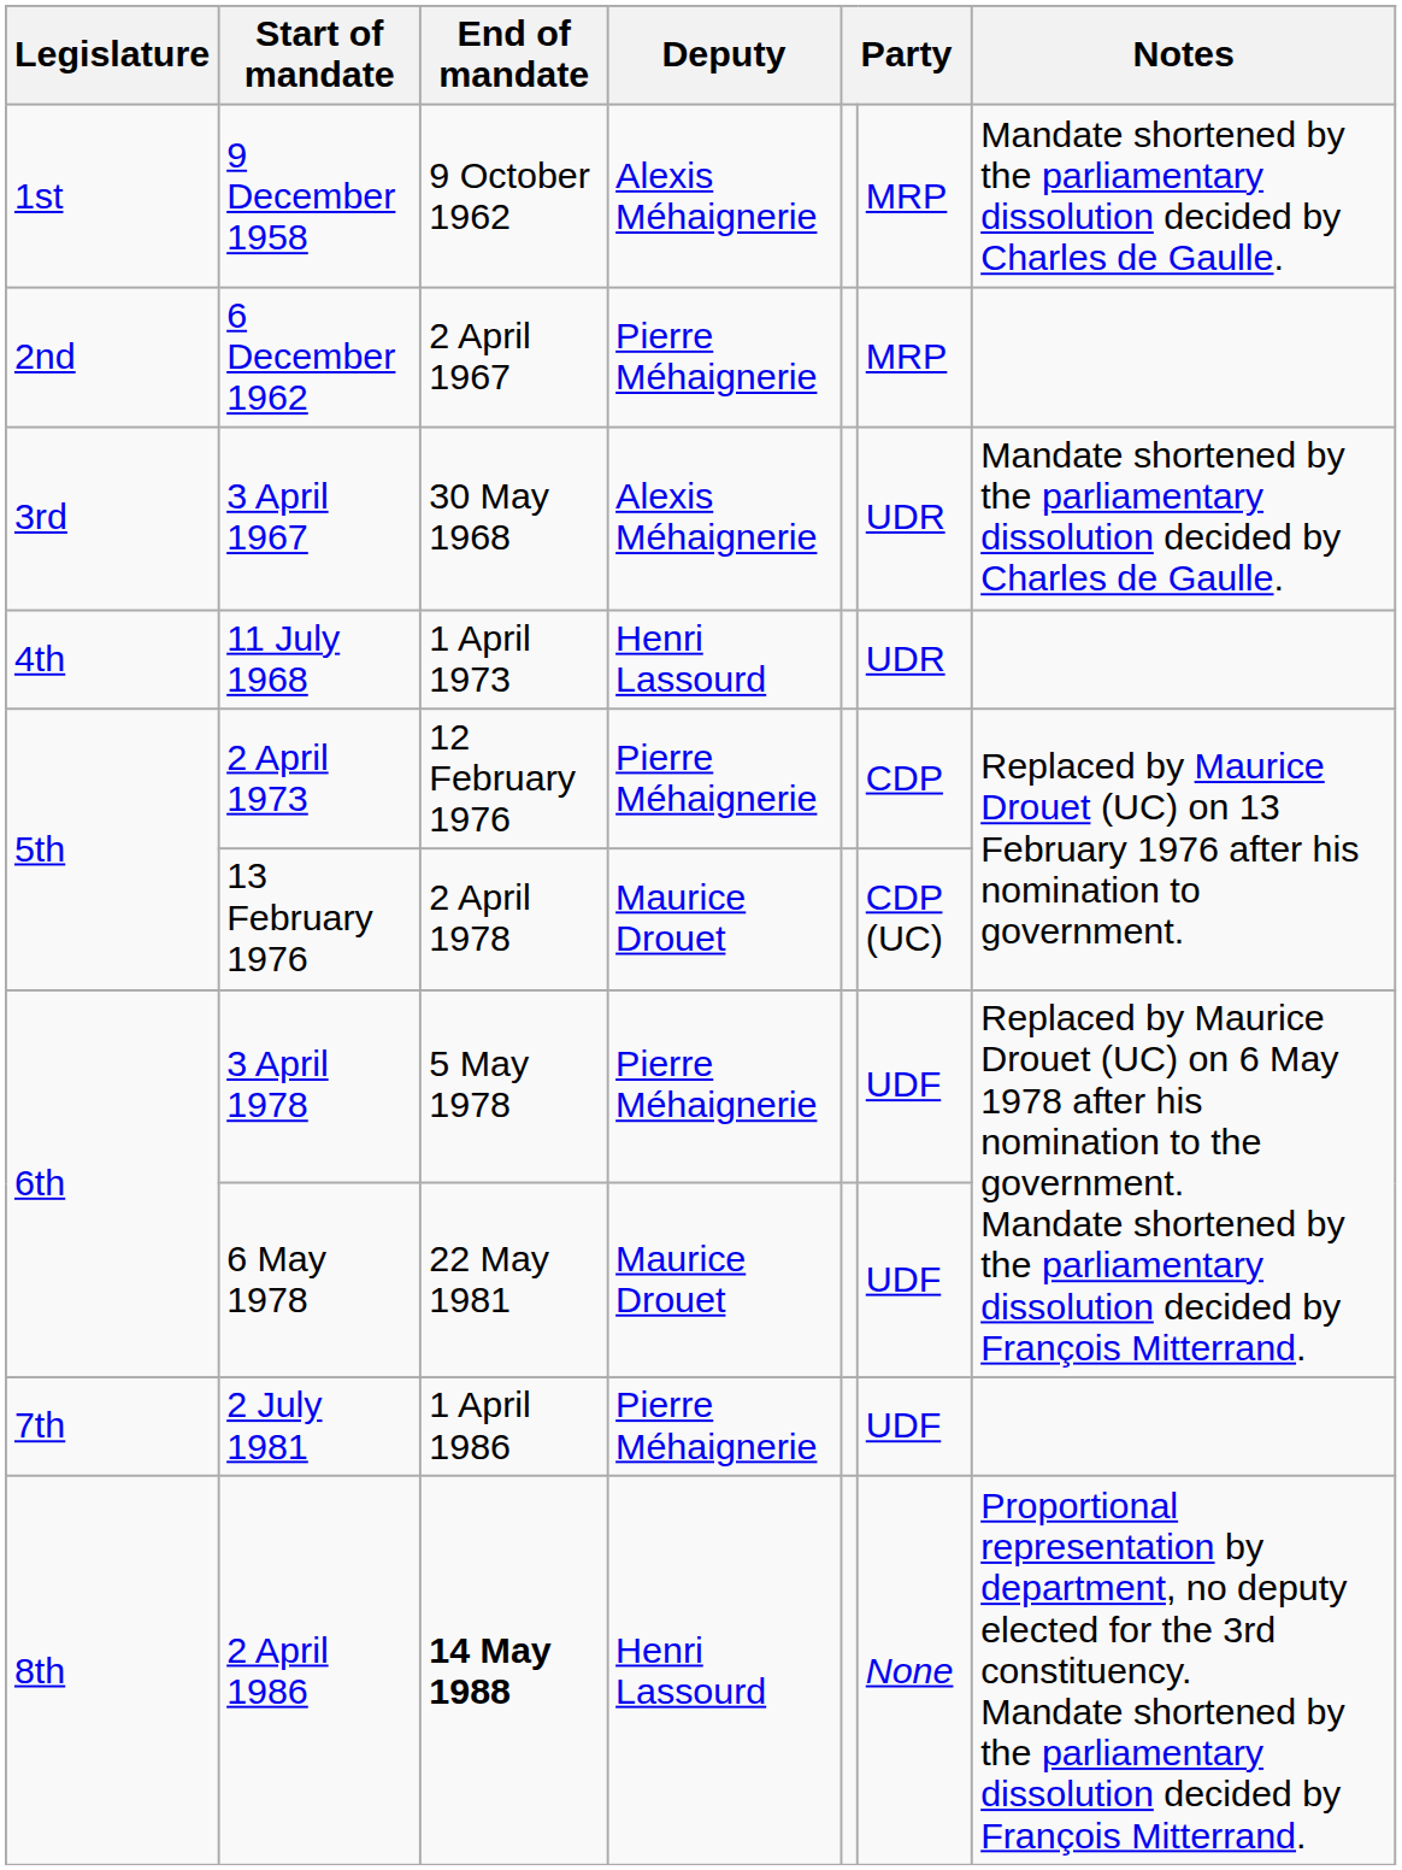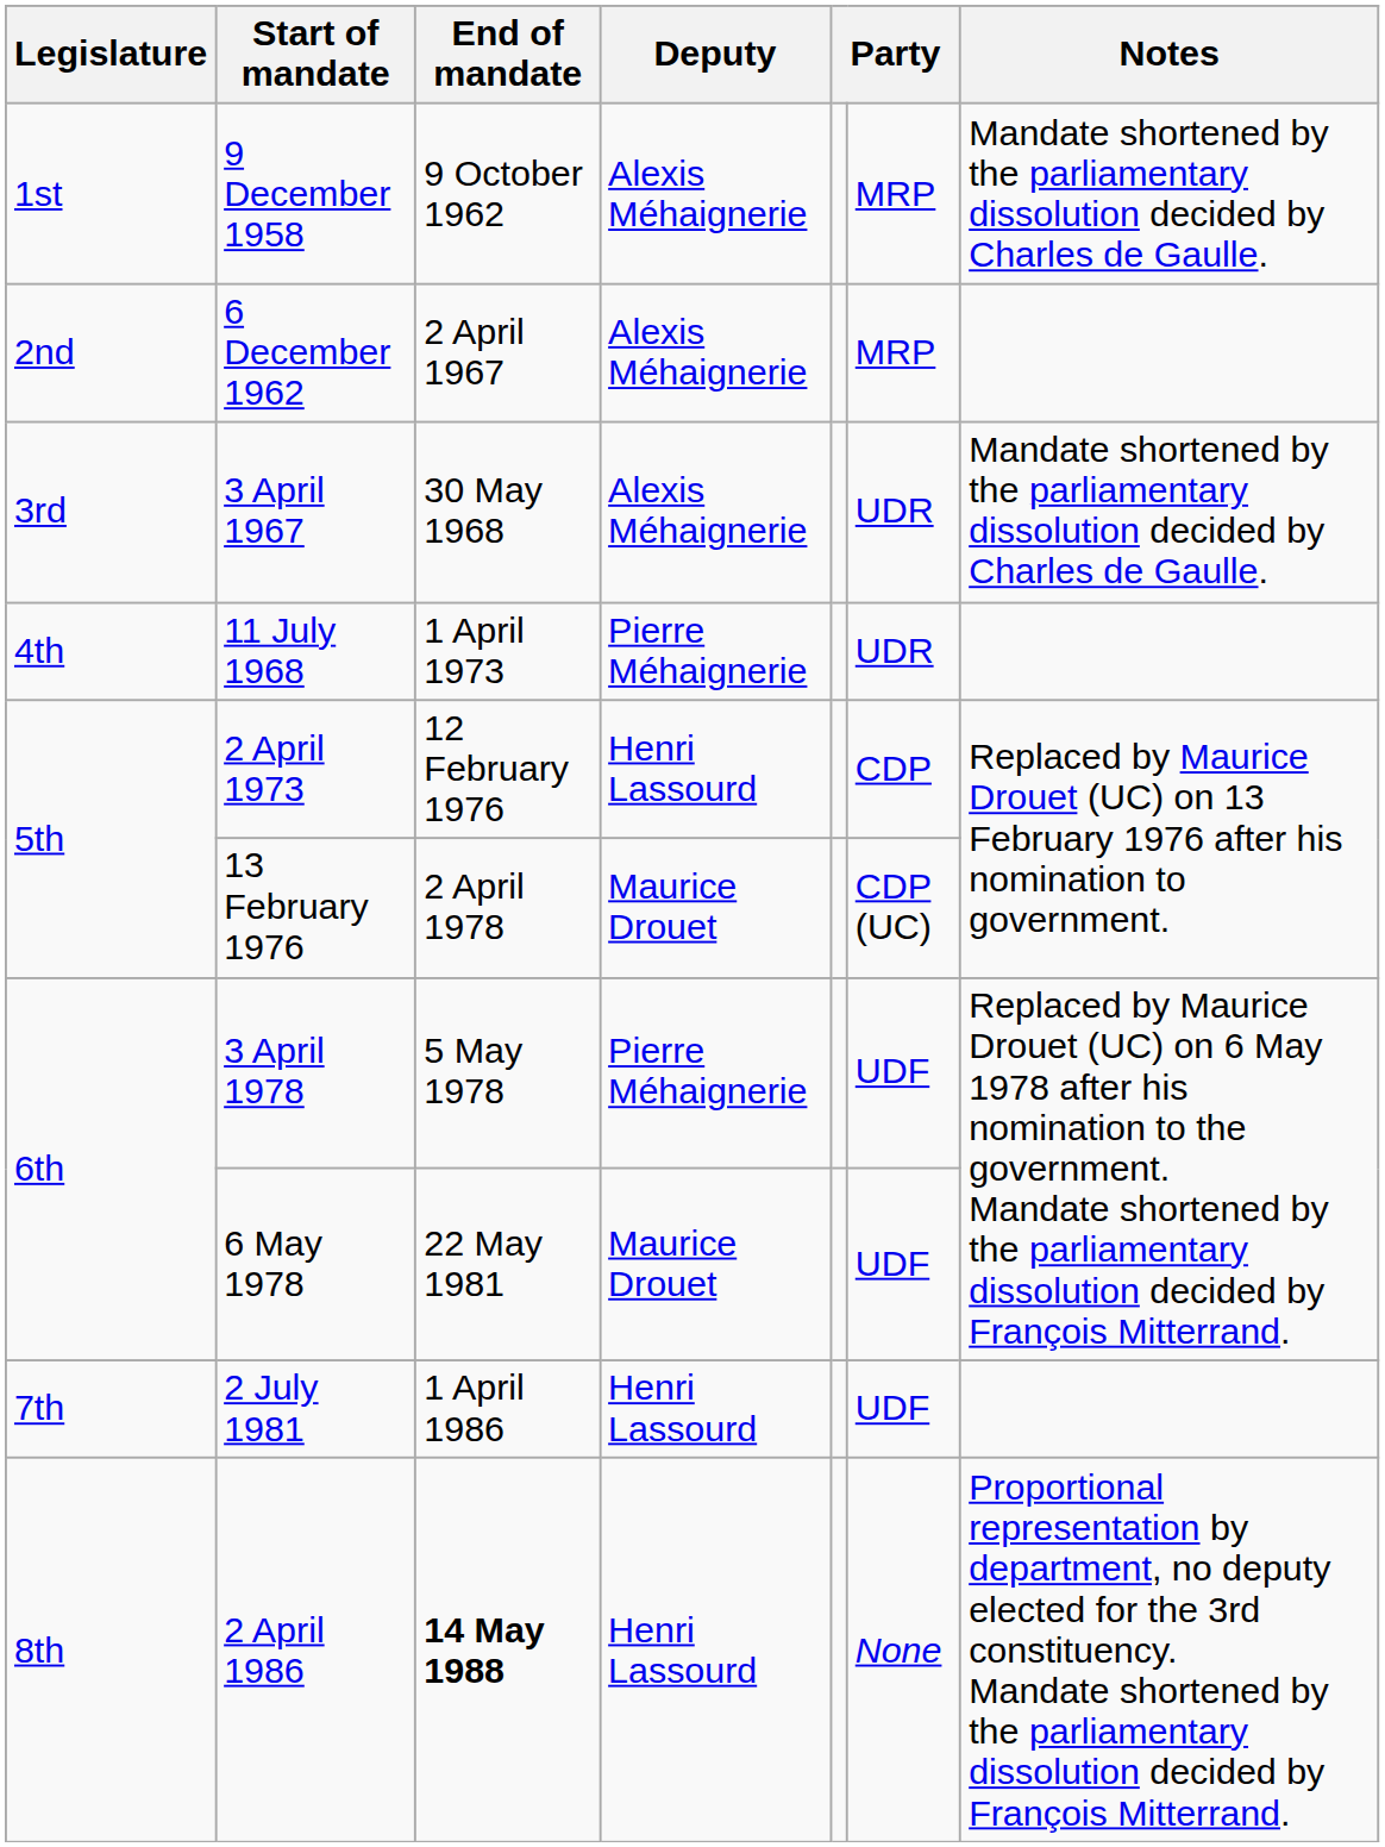 <table class="wikitable">
 <tr>
 <th>Legislature</th>
 <th>Start of mandate</th>
 <th>End of mandate</th>
 <th>Deputy</th>
 <th colspan="2">Party</th>
 <th>Notes</th>
 </tr>
 <tr>
 <td><a href='#'>1st</a></td>
 <td rowspan="1"><a href='#'>9 December 1958</a></td>
 <td>9 October 1962</td>
 <td><a href='#'>Alexis Méhaignerie</a></td>
 <td style="color:inherit;background:"></td>
 <td><a href='#'>MRP</a></td>
 <td rowspan="1">Mandate shortened by the <a href='#'>parliamentary dissolution</a> decided by <a href='#'>Charles de Gaulle</a>.</td>
 </tr>
 <tr>
 <td><a href='#'>2nd</a></td>
 <td rowspan="1"><a href='#'>6 December 1962</a></td>
 <td>2 April 1967</td>
-<td><a href='#'>Pierre Méhaignerie</a></td>
+<td><a href='#'>Alexis Méhaignerie</a></td>
 <td style="color:inherit;background:"></td>
 <td><a href='#'>MRP</a></td>
 <td rowspan="1"></td>
 </tr>
 <tr>
 <td><a href='#'>3rd</a></td>
 <td rowspan="1"><a href='#'>3 April 1967</a></td>
 <td>30 May 1968</td>
 <td><a href='#'>Alexis Méhaignerie</a></td>
 <td style="color:inherit;background:"></td>
 <td><a href='#'>UDR</a></td>
 <td rowspan="1">Mandate shortened by the <a href='#'>parliamentary dissolution</a> decided by <a href='#'>Charles de Gaulle</a>.</td>
 </tr>
 <tr>
 <td><a href='#'>4th</a></td>
 <td rowspan="1"><a href='#'>11 July 1968</a></td>
 <td>1 April 1973</td>
-<td><a href='#'>Henri Lassourd</a></td>
+<td><a href='#'>Pierre Méhaignerie</a></td>
 <td style="color:inherit;background:"></td>
 <td><a href='#'>UDR</a></td>
 <td rowspan="1"></td>
 </tr>
 <tr>
 <td rowspan="2"><a href='#'>5th</a></td>
 <td rowspan="1"><a href='#'>2 April 1973</a></td>
 <td>12 February 1976</td>
-<td><a href='#'>Pierre Méhaignerie</a></td>
+<td><a href='#'>Henri Lassourd</a></td>
 <td style="color:inherit;background:"></td>
 <td><a href='#'>CDP</a></td>
 <td rowspan="2">Replaced by <a href='#'>Maurice Drouet</a> (UC) on 13 February 1976 after his nomination to government.</td>
 </tr>
 <tr>
 <td>13 February 1976</td>
 <td>2 April 1978</td>
 <td><a href='#'>Maurice Drouet</a></td>
 <td style="color:inherit;background:"></td>
 <td><a href='#'>CDP</a> (UC)</td>
 </tr>
 <tr>
 <td rowspan="2"><a href='#'>6th</a></td>
 <td rowspan="1"><a href='#'>3 April 1978</a></td>
 <td>5 May 1978</td>
 <td><a href='#'>Pierre Méhaignerie</a></td>
 <td style="color:inherit;background:"></td>
 <td><a href='#'>UDF</a></td>
 <td rowspan="2">Replaced by Maurice Drouet (UC) on 6 May 1978 after his nomination to the government.<br>Mandate shortened by the <a href='#'>parliamentary dissolution</a> decided by <a href='#'>François Mitterrand</a>.</td>
 </tr>
 <tr>
 <td>6 May 1978</td>
 <td>22 May 1981</td>
 <td><a href='#'>Maurice Drouet</a></td>
 <td style="color:inherit;background:"></td>
 <td><a href='#'>UDF</a></td>
 </tr>
 <tr>
 <td><a href='#'>7th</a></td>
 <td rowspan="1"><a href='#'>2 July 1981</a></td>
 <td>1 April 1986</td>
-<td><a href='#'>Pierre Méhaignerie</a></td>
+<td><a href='#'>Henri Lassourd</a></td>
 <td style="color:inherit;background:"></td>
 <td><a href='#'>UDF</a></td>
 <td rowspan="1"></td>
 </tr>
 <tr>
 <td><a href='#'>8th</a></td>
 <td rowspan="1"><a href='#'>2 April 1986</a></td>
 <td><strong>14 May 1988</strong></td>
 <td><a href='#'>Henri Lassourd</a></td>
 <td></td>
 <td><em><a href='#'>None</a></em></td>
 <td rowspan="1"><a href='#'>Proportional representation</a> by <a href='#'>department</a>, no deputy elected for the 3rd constituency.<br>Mandate shortened by the <a href='#'>parliamentary dissolution</a> decided by <a href='#'>François Mitterrand</a>.</td>
 </tr>
 </table>
